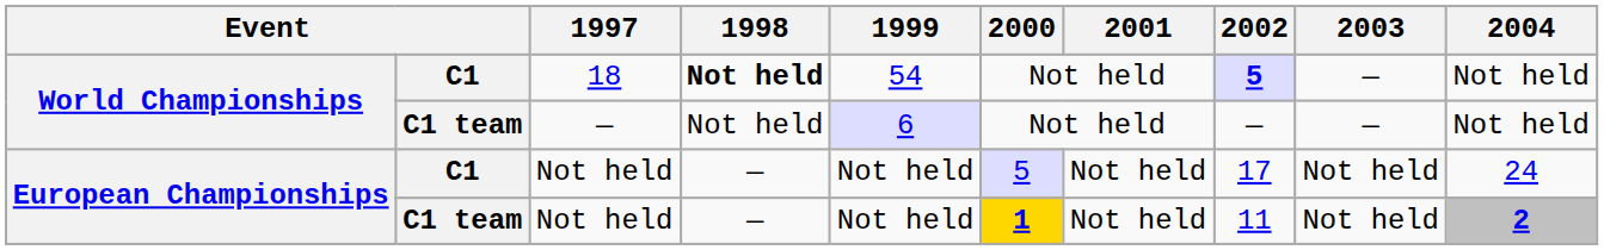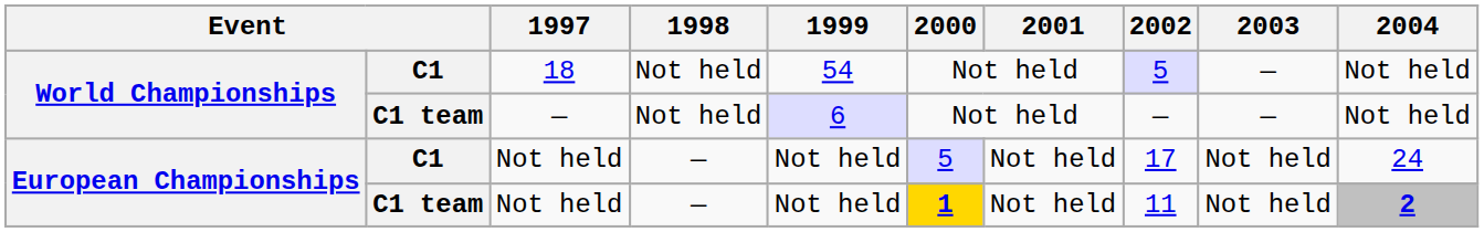 <table class="wikitable plainrowheaders" style=font-size:90%>
 <tr>
 <th scope="col" colspan=2>Event</th>
 <th scope="col">1997</th>
 <th scope="col">1998</th>
 <th scope="col">1999</th>
 <th scope="col">2000</th>
 <th scope="col">2001</th>
 <th scope="col">2002</th>
 <th scope="col">2003</th>
 <th scope="col">2004</th>
 </tr>
 <tr style="text-align:center;">
 <th scope="row" rowspan=2><a href='#'>World Championships</a></th>
 <th scope="row">C1</th>
 <td><a href='#'>18</a></td>
-<td><strong>Not held</strong></td>
+<td>Not held</td>
 <td><a href='#'>54</a></td>
 <td colspan=2>Not held</td>
-<td style="background:#ddf;"><strong><a href='#'>5</a></strong></td>
+<td style="background:#ddf;"><a href='#'>5</a></td>
 <td>—</td>
 <td>Not held</td>
 </tr>
 <tr style="text-align:center;">
 <th scope="row">C1 team</th>
 <td>—</td>
 <td>Not held</td>
 <td style="background:#ddf;"><a href='#'>6</a></td>
 <td colspan=2>Not held</td>
 <td>—</td>
 <td>—</td>
 <td>Not held</td>
 </tr>
 <tr style="text-align:center;">
 <th scope="row" rowspan=2><a href='#'>European Championships</a></th>
 <th scope="row">C1</th>
 <td>Not held</td>
 <td>—</td>
 <td>Not held</td>
 <td style="background:#ddf;"><a href='#'>5</a></td>
 <td>Not held</td>
 <td><a href='#'>17</a></td>
 <td>Not held</td>
 <td><a href='#'>24</a></td>
 </tr>
 <tr style="text-align:center;">
 <th scope="row">C1 team</th>
 <td>Not held</td>
 <td>—</td>
 <td>Not held</td>
 <td style="background:gold;"><a href='#'><strong>1</strong></a></td>
 <td>Not held</td>
 <td><a href='#'>11</a></td>
 <td>Not held</td>
 <td style="background:silver;"><a href='#'><strong>2</strong></a></td>
 </tr>
 </table>
